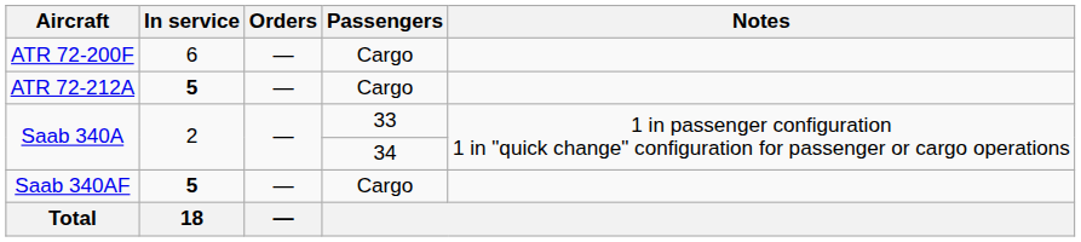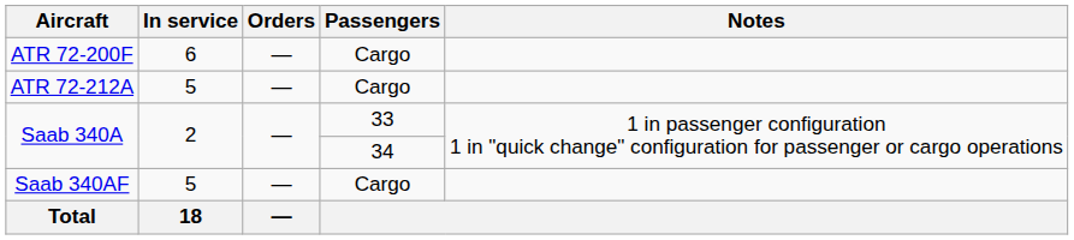 <table class="wikitable" style="border-collapse:collapse;text-align:center;margin:auto;">
 <tr>
 <th>Aircraft</th>
 <th>In service</th>
 <th>Orders</th>
 <th>Passengers</th>
 <th>Notes</th>
 </tr>
 <tr>
 <td><a href='#'>ATR 72-200F</a></td>
 <td>6</td>
 <td>—</td>
 <td>Cargo</td>
 <td></td>
 </tr>
 <tr>
 <td><a href='#'>ATR 72-212A</a></td>
-<td><strong>5</strong></td>
+<td>5</td>
 <td>—</td>
 <td>Cargo</td>
 <td></td>
 </tr>
 <tr>
 <td rowspan=2><a href='#'>Saab 340A</a></td>
 <td rowspan=2>2</td>
 <td rowspan=2>—</td>
 <td>33</td>
 <td rowspan=2>1 in passenger configuration<br>1 in "quick change" configuration for passenger or cargo operations</td>
 </tr>
 <tr>
 <td>34</td>
 </tr>
 <tr>
 <td><a href='#'>Saab 340AF</a></td>
-<td><strong>5</strong></td>
+<td>5</td>
 <td>—</td>
 <td>Cargo</td>
 <td></td>
 </tr>
 <tr>
 <th>Total</th>
 <th>18</th>
 <th>—</th>
 <th colspan="2"></th>
 </tr>
 </table>
